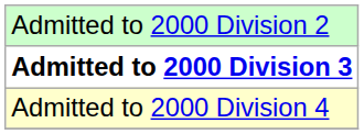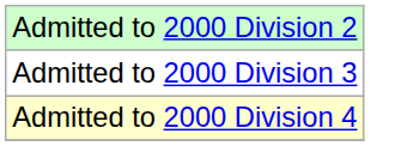 <table class="wikitable">
 <tr width=10px bgcolor="#ccffcc">
 <td>Admitted to <a href='#'>2000 Division 2</a></td>
 </tr>
 <tr width=10px bgcolor="#ffffff">
-<td><strong>Admitted to <a href='#'>2000 Division 3</a></strong></td>
+<td>Admitted to <a href='#'>2000 Division 3</a></td>
 </tr>
 <tr width=10px bgcolor="#ffffcc">
 <td>Admitted to <a href='#'>2000 Division 4</a></td>
 </tr>
 <tr>
 </tr>
 </table>
